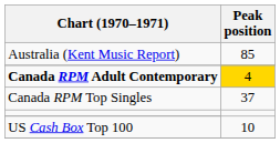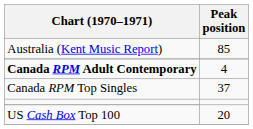 <table class="wikitable sortable plainrowheaders">
 <tr>
 <th>Chart (1970–1971)</th>
 <th>Peak<br>position</th>
 </tr>
 <tr>
 <td>Australia (<a href='#'>Kent Music Report</a>)</td>
 <td style="text-align:center;">85</td>
 </tr>
 <tr>
 </tr>
 <tr>
 </tr>
 <tr>
 <td><strong>Canada <em><a href='#'>RPM</a></em> Adult Contemporary</strong></td>
-<td style="background: gold; text-align:center;">4</td>
+<td style="text-align:center;">4</td>
 </tr>
 <tr>
 <td>Canada <em>RPM</em> Top Singles</td>
 <td style="text-align:center;">37</td>
 </tr>
 <tr>
 <td></td>
 </tr>
 <tr>
 </tr>
 <tr>
 </tr>
 <tr>
 </tr>
 <tr>
 <td>US <em><a href='#'>Cash Box</a></em> Top 100</td>
-<td align="center">10</td>
+<td align="center">20</td>
 </tr>
 <tr>
 </tr>
 </table>
